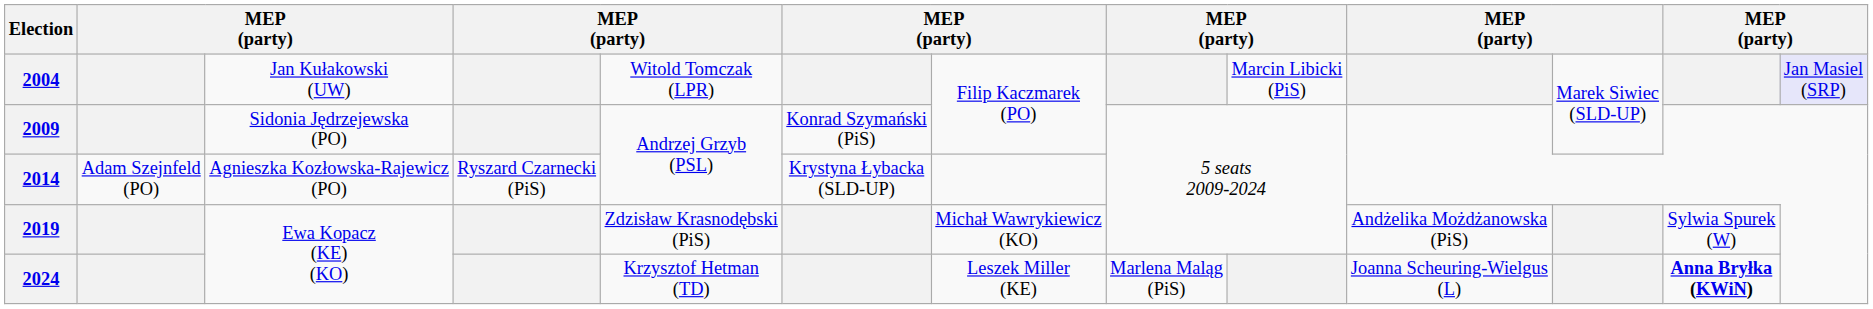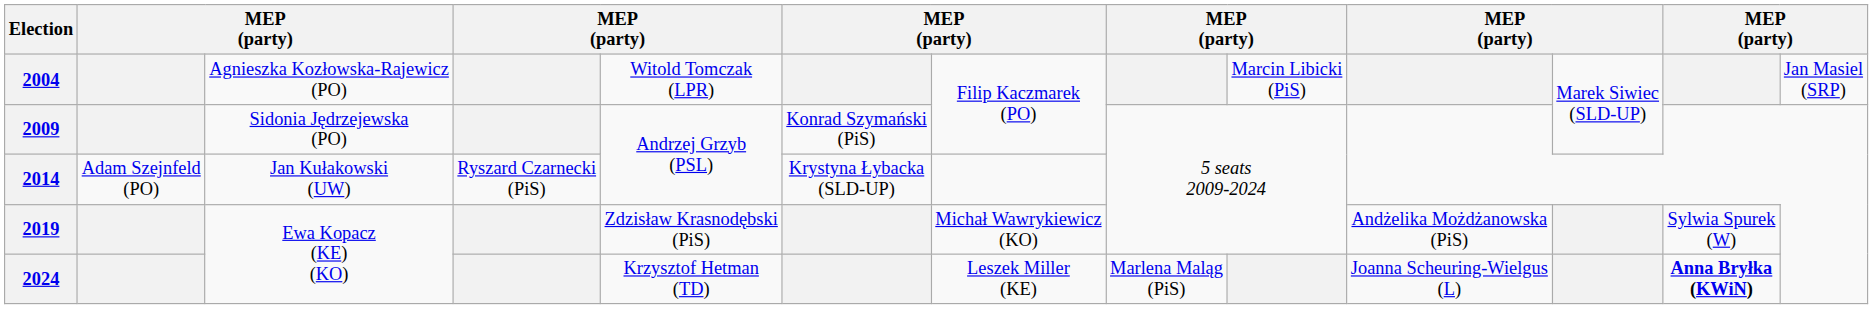 <table class= "wikitable" style= "text-align:center">
 <tr>
 <th>Election</th>
 <th colspan=2>MEP<br>(party)</th>
 <th colspan=2>MEP<br>(party)</th>
 <th colspan=2>MEP<br>(party)</th>
 <th colspan=2>MEP<br>(party)</th>
 <th colspan=2>MEP<br>(party)</th>
 <th colspan=2>MEP<br>(party)</th>
 </tr>
 <tr>
 <th><a href='#'>2004</a></th>
 <th style="background-color: "></th>
-<td rowspan=1><a href='#'>Jan Kułakowski</a><br>(<a href='#'>UW</a>)</td>
+<td rowspan=1><a href='#'>Agnieszka Kozłowska-Rajewicz</a><br>(PO)</td>
 <th style="background-color: "></th>
 <td rowspan=1><a href='#'>Witold Tomczak</a><br>(<a href='#'>LPR</a>)</td>
 <th style="background-color: "></th>
 <td rowspan=2><a href='#'>Filip Kaczmarek</a><br>(<a href='#'>PO</a>)</td>
 <th style="background-color: "></th>
 <td rowspan=1><a href='#'>Marcin Libicki</a><br>(<a href='#'>PiS</a>)</td>
 <th style="background-color: "></th>
 <td rowspan=2><a href='#'>Marek Siwiec</a><br>(<a href='#'>SLD-UP</a>)</td>
 <th style="background-color: "></th>
-<td rowspan=1 style="background: lavender;"><a href='#'>Jan Masiel</a><br>(<a href='#'>SRP</a>)</td>
+<td rowspan=1><a href='#'>Jan Masiel</a><br>(<a href='#'>SRP</a>)</td>
 </tr>
 <tr>
 <th><a href='#'>2009</a></th>
 <th style="background-color: "></th>
 <td rowspan=1><a href='#'>Sidonia Jędrzejewska</a><br>(PO)</td>
 <th style="background-color: "></th>
 <td rowspan=2><a href='#'>Andrzej Grzyb</a><br>(<a href='#'>PSL</a>)</td>
 <td rowspan=1><a href='#'>Konrad Szymański</a><br>(PiS)</td>
 <td colspan=2 rowspan=3><em>5 seats<br>2009-2024</td>
 </tr>
 <tr>
 <th><a href='#'>2014</a></th>
 <td rowspan=1><a href='#'>Adam Szejnfeld</a><br>(PO)</td>
-<td rowspan=1><a href='#'>Agnieszka Kozłowska-Rajewicz</a><br>(PO)</td>
+<td rowspan=1><a href='#'>Jan Kułakowski</a><br>(<a href='#'>UW</a>)</td>
 <td rowspan=1><a href='#'>Ryszard Czarnecki</a><br>(PiS)</td>
 <td rowspan=1><a href='#'>Krystyna Łybacka</a><br>(SLD-UP)</td>
 </tr>
 <tr>
 <th><a href='#'>2019</a></th>
 <th style="background-color: "></th>
 <td rowspan=2><a href='#'>Ewa Kopacz</a><br>(<a href='#'>KE</a>)<br>(<a href='#'>KO</a>)</td>
 <th style="background-color: "></th>
 <td rowspan=1><a href='#'>Zdzisław Krasnodębski</a><br>(PiS)</td>
 <th style="background-color: "></th>
 <td rowspan=1><a href='#'>Michał Wawrykiewicz</a><br>(KO)</td>
 <td rowspan=1><a href='#'>Andżelika Możdżanowska</a><br>(PiS)</td>
 <th style="background-color: "></th>
 <td rowspan=1><a href='#'>Sylwia Spurek</a><br>(<a href='#'>W</a>)</td>
 </tr>
 <tr>
 <th><a href='#'>2024</a></th>
 <th style="background-color: "></th>
 <th style="background-color: "></th>
 <td rowspan=1><a href='#'>Krzysztof Hetman</a><br>(<a href='#'>TD</a>)</td>
 <th style="background-color: "></th>
 <td rowspan=1><a href='#'>Leszek Miller</a><br>(KE)</td>
 <td rowspan=1><a href='#'>Marlena Maląg</a><br>(PiS)</td>
 <th style="background-color: "></th>
 <td rowspan=1><a href='#'>Joanna Scheuring-Wielgus</a><br>(<a href='#'>L</a>)</td>
 <th style="background-color: "></th>
 <td rowspan=1><strong><a href='#'>Anna Bryłka</a><br>(<a href='#'>KWiN</a>)</strong></td>
 </tr>
 </table>
